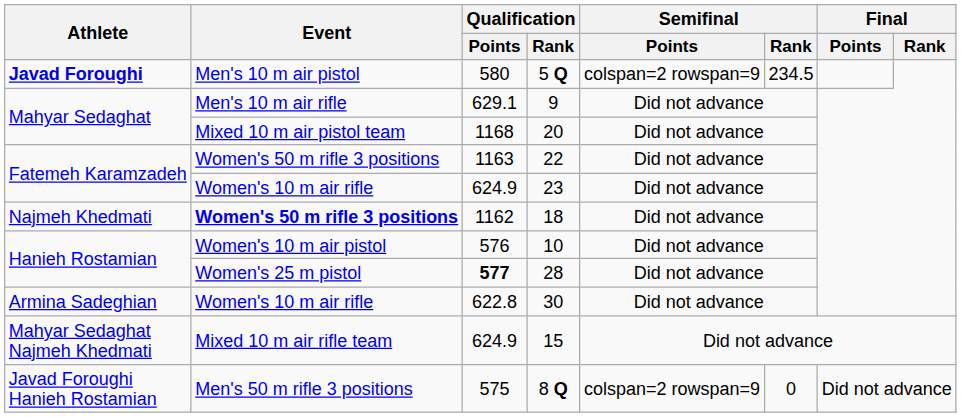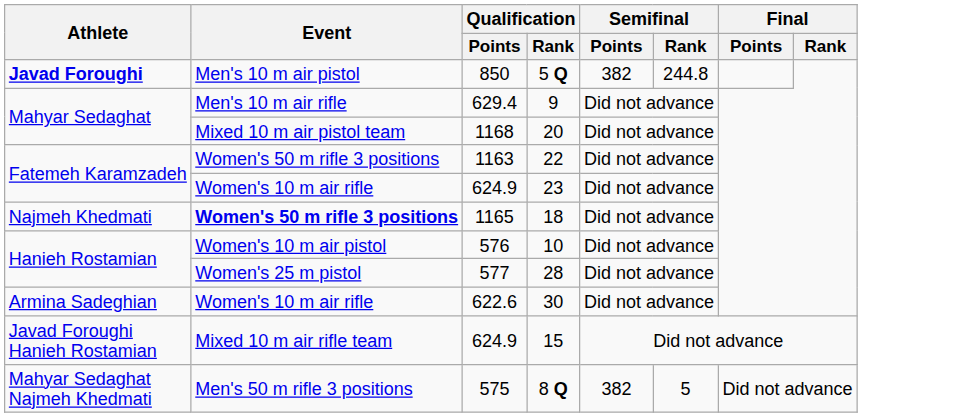 <table class="wikitable" style="font-size:90%">
 <tr>
 <th rowspan="2">Athlete</th>
 <th rowspan="2">Event</th>
 <th colspan=2>Qualification</th>
 <th colspan=2>Semifinal</th>
 <th colspan=2>Final</th>
 </tr>
 <tr style="font-size:95%">
 <th>Points</th>
 <th>Rank</th>
 <th>Points</th>
 <th>Rank</th>
 <th>Points</th>
 <th>Rank</th>
 </tr>
 <tr align=center>
 <td align=left><strong><a href='#'>Javad Foroughi</a></strong></td>
 <td align=left><a href='#'>Men's 10 m air pistol</a></td>
-<td>580</td>
+<td>850</td>
 <td>5 <strong>Q</strong></td>
-<td>colspan=2 rowspan=9 </td>
-<td>234.5 </td>
+<td>382</td>
+<td>244.8 </td>
 <td></td>
 </tr>
 <tr align=center>
 <td align=left rowspan=2><a href='#'>Mahyar Sedaghat</a></td>
 <td align=left><a href='#'>Men's 10 m air rifle</a></td>
-<td>629.1</td>
+<td>629.4</td>
 <td>9</td>
 <td colspan=2>Did not advance</td>
 </tr>
 <tr align=center>
 <td align=left><a href='#'>Mixed 10 m air pistol team</a></td>
 <td>1168</td>
 <td>20</td>
 <td colspan=2>Did not advance</td>
 </tr>
 <tr align=center>
 <td align=left rowspan=2><a href='#'>Fatemeh Karamzadeh</a></td>
 <td align=left><a href='#'>Women's 50 m rifle 3 positions</a></td>
 <td>1163</td>
 <td>22</td>
 <td colspan=2>Did not advance</td>
 </tr>
 <tr align=center>
 <td align=left><a href='#'>Women's 10 m air rifle</a></td>
 <td>624.9</td>
 <td>23</td>
 <td colspan=2>Did not advance</td>
 </tr>
 <tr align=center>
 <td align=left><a href='#'>Najmeh Khedmati</a></td>
 <td align=left><strong><a href='#'>Women's 50 m rifle 3 positions</a></strong></td>
-<td>1162</td>
+<td>1165</td>
 <td>18</td>
 <td colspan=2>Did not advance</td>
 </tr>
 <tr align=center>
 <td align=left rowspan=2><a href='#'>Hanieh Rostamian</a></td>
 <td align=left><a href='#'>Women's 10 m air pistol</a></td>
 <td>576</td>
 <td>10</td>
 <td colspan=2>Did not advance</td>
 </tr>
 <tr align=center>
 <td align=left><a href='#'>Women's 25 m pistol</a></td>
-<td><strong>577</strong></td>
+<td>577</td>
 <td>28</td>
 <td colspan=2>Did not advance</td>
 </tr>
 <tr align=center>
 <td align=left><a href='#'>Armina Sadeghian</a></td>
 <td align=left><a href='#'>Women's 10 m air rifle</a></td>
-<td>622.8</td>
+<td>622.6</td>
 <td>30</td>
 <td colspan=2>Did not advance</td>
 </tr>
 <tr align=center>
-<td align=left><a href='#'>Mahyar Sedaghat</a><br><a href='#'>Najmeh Khedmati</a></td>
+<td align=left><a href='#'>Javad Foroughi</a><br><a href='#'>Hanieh Rostamian</a></td>
 <td align=left><a href='#'>Mixed 10 m air rifle team</a></td>
 <td>624.9</td>
 <td>15</td>
 <td colspan=4>Did not advance</td>
 </tr>
 <tr align=center>
-<td align=left><a href='#'>Javad Foroughi</a><br><a href='#'>Hanieh Rostamian</a></td>
+<td align=left><a href='#'>Mahyar Sedaghat</a><br><a href='#'>Najmeh Khedmati</a></td>
 <td align=left><a href='#'>Men's 50 m rifle 3 positions</a></td>
 <td>575</td>
 <td>8 <strong>Q</strong></td>
-<td>colspan=2 rowspan=9 </td>
-<td>0</td>
+<td>382</td>
+<td>5</td>
 <td colspan=2>Did not advance</td>
 </tr>
 </table>
